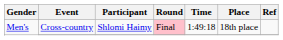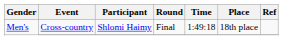 <table class="wikitable" style="font-size: 95%;">
 <tr>
 <th>Gender</th>
 <th>Event</th>
 <th>Participant</th>
 <th>Round</th>
 <th>Time</th>
 <th>Place</th>
 <th>Ref</th>
 </tr>
 <tr>
 <td rowspan="5"><a href='#'>Men's</a></td>
 <td><a href='#'>Cross-country</a></td>
 <td><a href='#'>Shlomi Haimy</a></td>
-<td style="background: pink;">Final</td>
+<td>Final</td>
 <td>1:49:18</td>
 <td>18th place</td>
 <td></td>
 </tr>
 <tr>
 </tr>
 </table>
